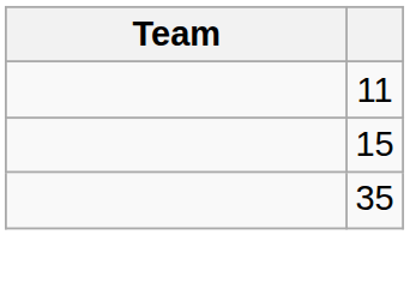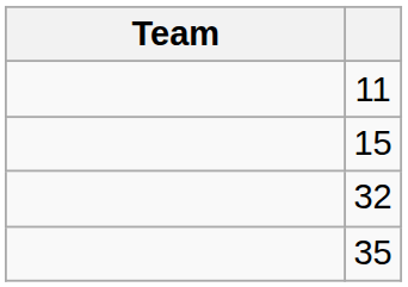 <table class="wikitable" style="white-space:nowrap; display:inline-table;">
 <tr>
 <th style="width:150px">Team</th>
 <th></th>
 </tr>
 <tr>
 <td></td>
 <td style="text-align:center">11</td>
 </tr>
 <tr>
 <td></td>
 <td style="text-align:center">15</td>
 </tr>
 <tr>
 <td></td>
+<td style="text-align:center">32</td>
+</tr>
+<tr>
+<td></td>
 <td style="text-align:center">35</td>
 </tr>
 </table>
